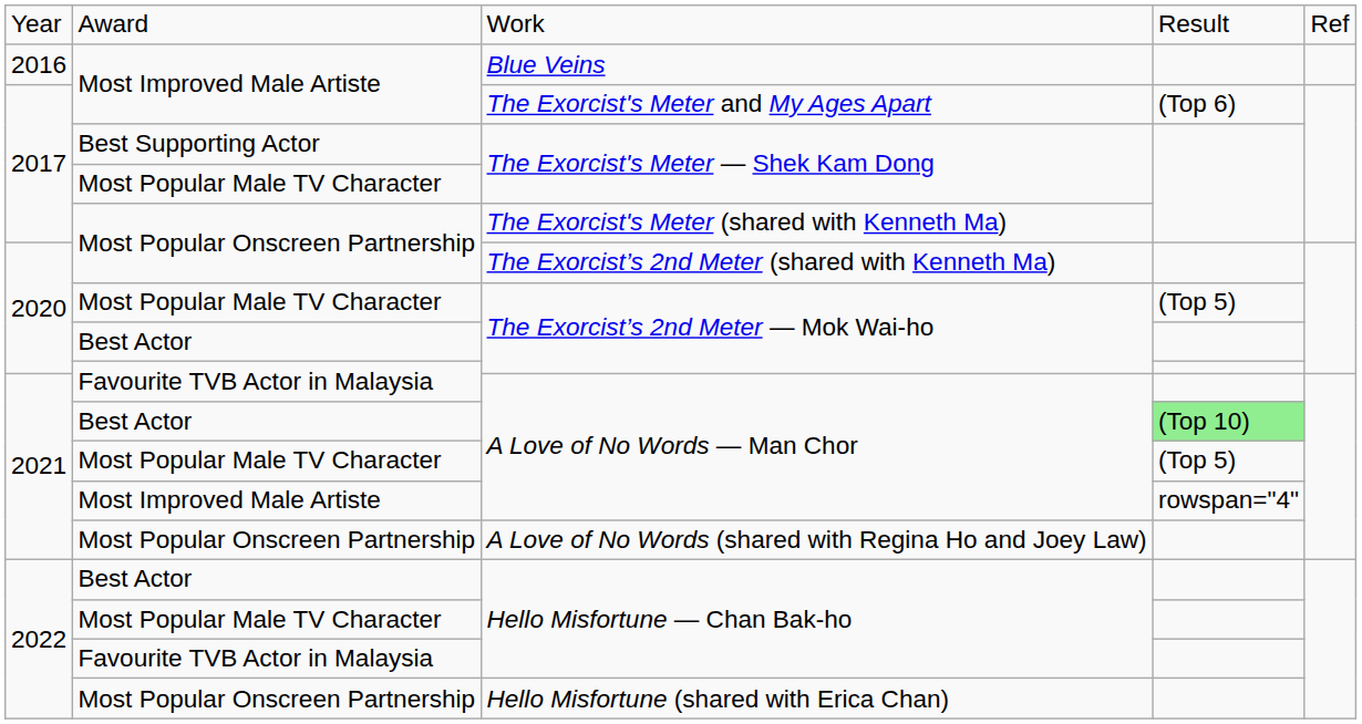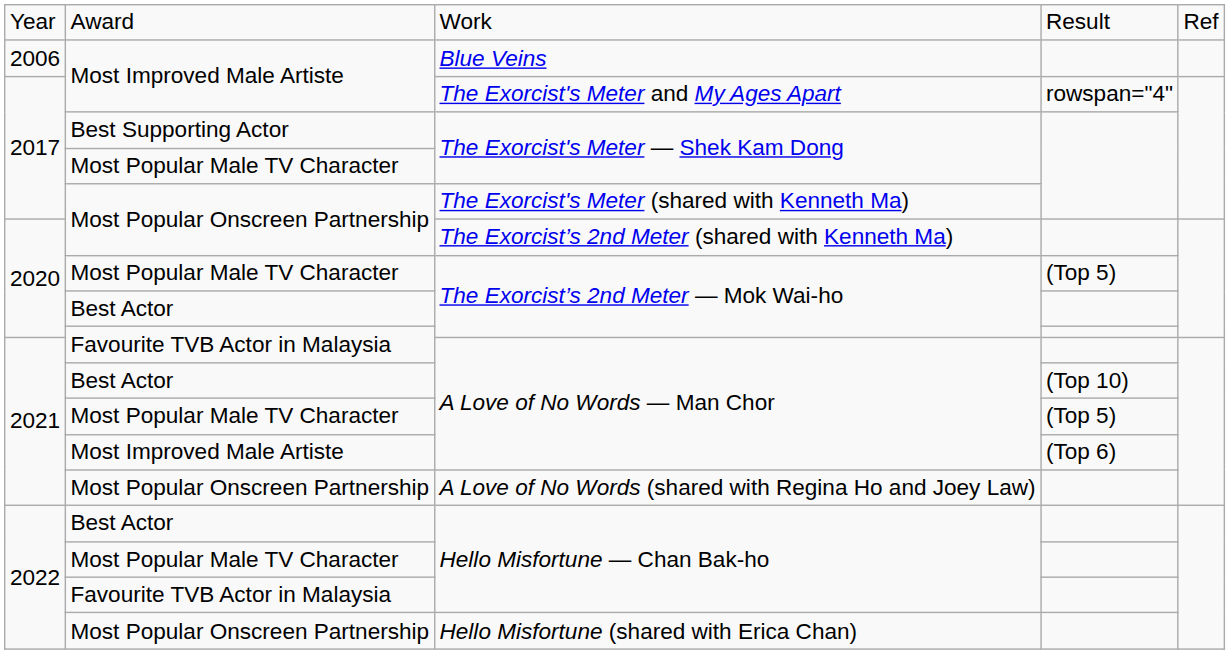 <table class="wikitable">
 <tr>
 <td>Year</td>
 <td>Award</td>
 <td>Work</td>
 <td>Result</td>
 <td>Ref</td>
 </tr>
 <tr>
-<td>2016</td>
+<td>2006</td>
 <td rowspan="2">Most Improved Male Artiste</td>
 <td><em><a href='#'>Blue Veins</a></em></td>
 <td></td>
 <td></td>
 </tr>
 <tr>
 <td rowspan="4">2017</td>
 <td><em><a href='#'>The Exorcist's Meter</a></em> and  <em><a href='#'>My Ages Apart</a></em></td>
-<td> (Top 6)</td>
+<td>rowspan="4" </td>
 <td rowspan="4"></td>
 </tr>
 <tr>
 <td>Best Supporting Actor</td>
 <td rowspan="2"><em><a href='#'>The Exorcist's Meter</a></em> — <a href='#'>Shek Kam Dong</a></td>
 </tr>
 <tr>
 <td>Most Popular Male TV Character</td>
 </tr>
 <tr>
 <td rowspan="2">Most Popular Onscreen Partnership</td>
 <td><em><a href='#'>The Exorcist's Meter</a></em> (shared with <a href='#'>Kenneth Ma</a>)</td>
 </tr>
 <tr>
 <td rowspan="4">2020</td>
 <td><em><a href='#'>The Exorcist’s 2nd Meter</a></em> (shared with <a href='#'>Kenneth Ma</a>)</td>
 <td></td>
 <td rowspan="4"></td>
 </tr>
 <tr>
 <td>Most Popular Male TV Character</td>
 <td rowspan="3"><em><a href='#'>The Exorcist’s 2nd Meter</a></em> — Mok Wai-ho</td>
 <td> (Top 5)</td>
 </tr>
 <tr>
 <td>Best Actor</td>
 <td></td>
 </tr>
 <tr>
 <td rowspan="2">Favourite TVB Actor in Malaysia</td>
 <td></td>
 </tr>
 <tr>
 <td rowspan="5">2021</td>
 <td rowspan="4"><em>A Love of No Words</em> — Man Chor</td>
 <td></td>
 <td rowspan="5"></td>
 </tr>
 <tr>
 <td>Best Actor</td>
-<td style="background: lightgreen;"> (Top 10)</td>
+<td> (Top 10)</td>
 </tr>
 <tr>
 <td>Most Popular Male TV Character</td>
 <td> (Top 5)</td>
 </tr>
 <tr>
 <td>Most Improved Male Artiste</td>
-<td>rowspan="4" </td>
+<td> (Top 6)</td>
 </tr>
 <tr>
 <td>Most Popular Onscreen Partnership</td>
 <td><em>A Love of No Words</em> (shared with Regina Ho and Joey Law)</td>
 <td></td>
 </tr>
 <tr>
 <td rowspan="4">2022</td>
 <td>Best Actor</td>
 <td rowspan="3"><em>Hello Misfortune</em> — Chan Bak-ho</td>
 <td></td>
 <td rowspan="4"></td>
 </tr>
 <tr>
 <td>Most Popular Male TV Character</td>
 <td></td>
 </tr>
 <tr>
 <td>Favourite TVB Actor in Malaysia</td>
 <td></td>
 </tr>
 <tr>
 <td>Most Popular Onscreen Partnership</td>
 <td><em>Hello Misfortune</em> (shared with Erica Chan)</td>
 <td></td>
 </tr>
 </table>
